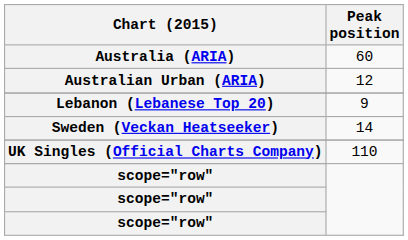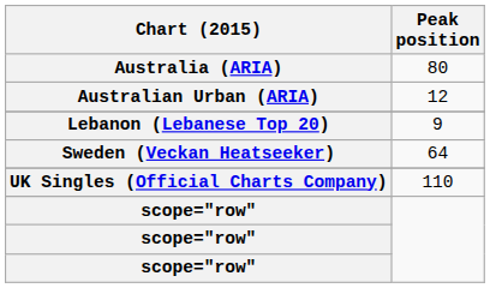 <table class="wikitable plainrowheaders sortable" style="text-align:center;">
 <tr>
 <th scope="col">Chart (2015)</th>
 <th scope="col">Peak<br>position</th>
 </tr>
 <tr>
 <th scope="row">Australia (<a href='#'>ARIA</a>)</th>
-<td>60</td>
+<td>80</td>
 </tr>
 <tr>
 <th scope="row">Australian Urban (<a href='#'>ARIA</a>)</th>
 <td>12</td>
 </tr>
 <tr>
 </tr>
 <tr>
 </tr>
 <tr>
 </tr>
 <tr>
 </tr>
 <tr>
 </tr>
 <tr>
 </tr>
 <tr>
 <th scope="row">Lebanon (<a href='#'>Lebanese Top 20</a>)</th>
 <td>9</td>
 </tr>
 <tr>
 <th scope="row">Sweden (<a href='#'>Veckan Heatseeker</a>)</th>
-<td align=center>14</td>
+<td align=center>64</td>
 </tr>
 <tr>
 </tr>
 <tr>
 <th scope="row">UK Singles (<a href='#'>Official Charts Company</a>)</th>
 <td align="center">110</td>
 </tr>
 <tr>
 </tr>
 <tr>
 <th>scope="row"</th>
 </tr>
 <tr>
 <th>scope="row"</th>
 </tr>
 <tr>
 <th>scope="row"</th>
 </tr>
 </table>
